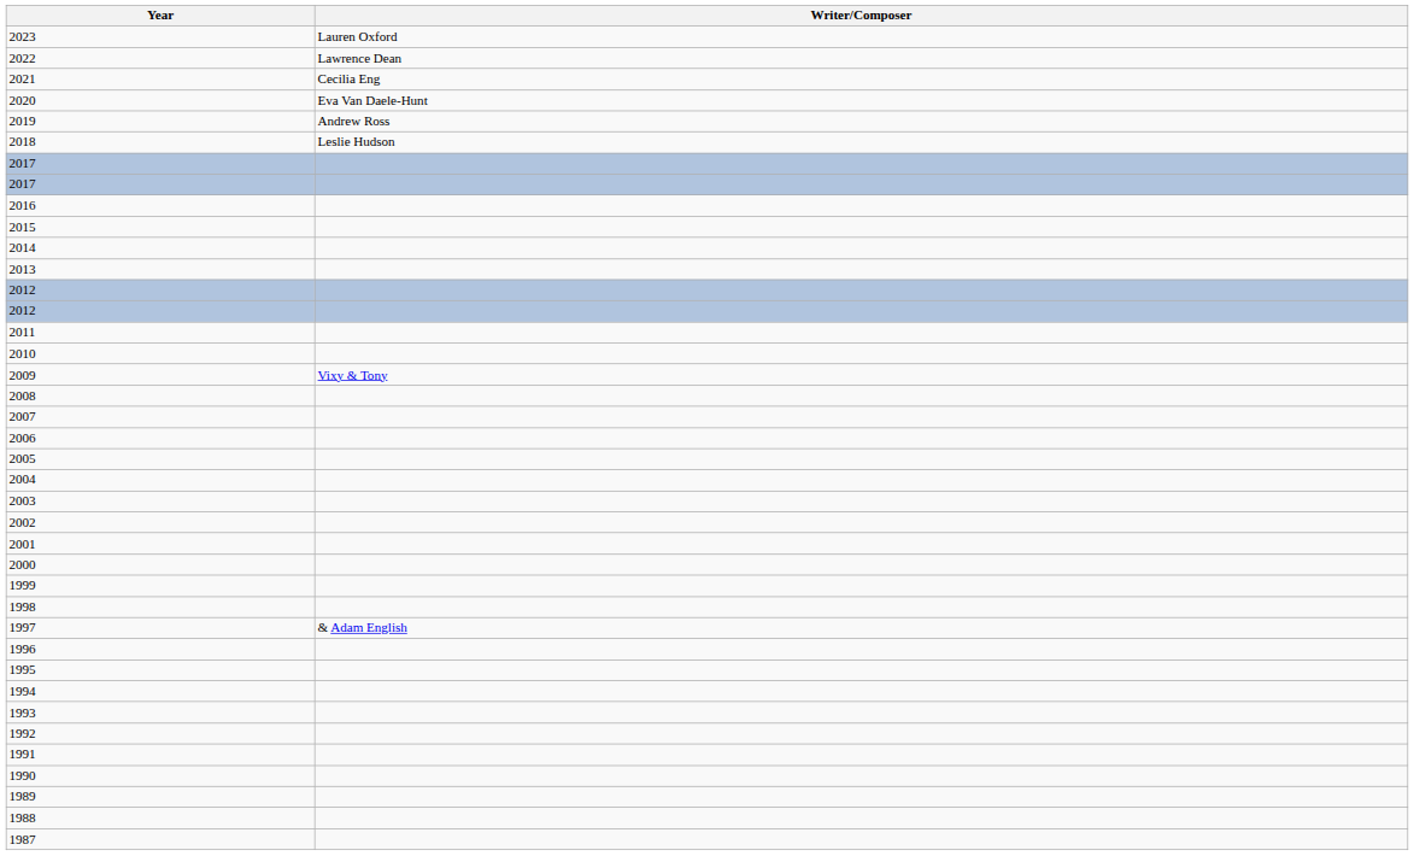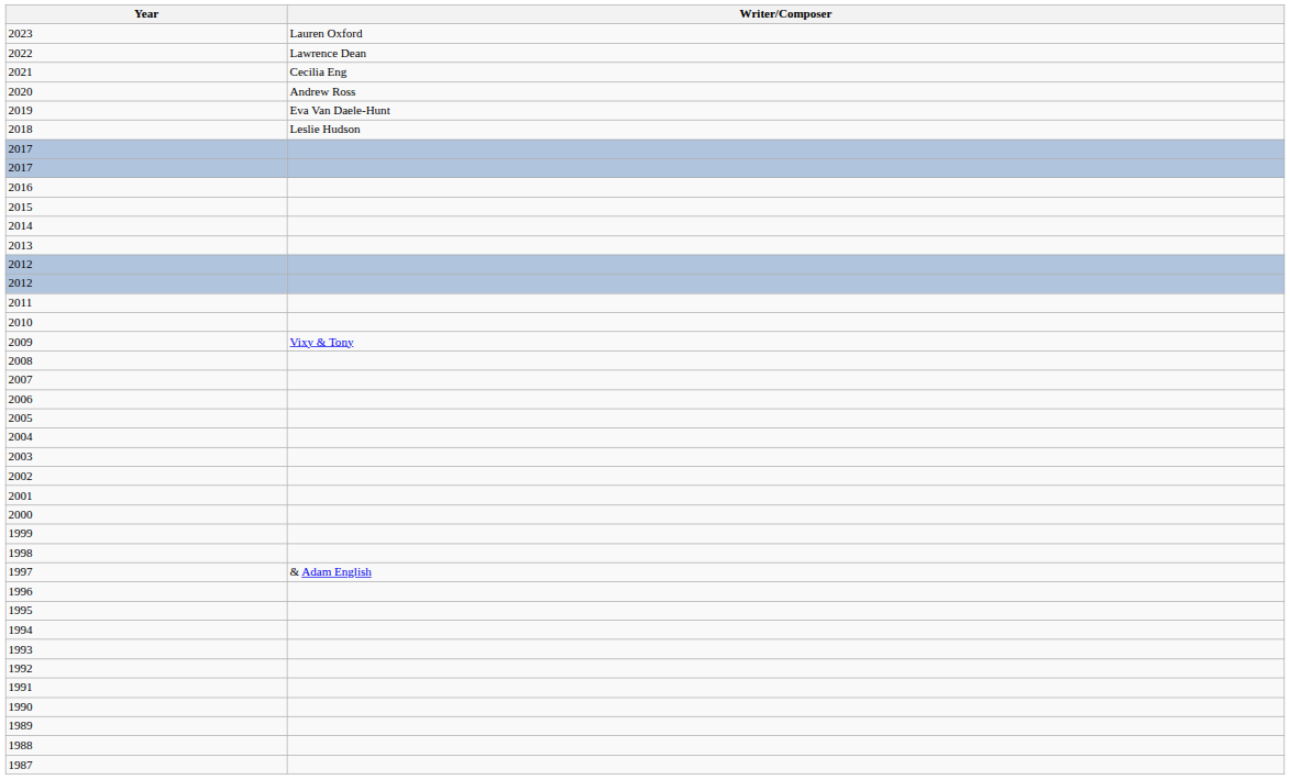 <table class="sortable wikitable" width="85%" cellpadding="5" style="margin: 1em auto 1em auto">
 <tr>
 <th>Year</th>
 <th>Writer/Composer</th>
 </tr>
 <tr>
 <td>2023</td>
 <td>Lauren Oxford </td>
 </tr>
 <tr>
 <td>2022</td>
 <td>Lawrence Dean </td>
 </tr>
 <tr>
 <td>2021</td>
 <td>Cecilia Eng </td>
 </tr>
 <tr>
 <td>2020</td>
-<td>Eva Van Daele-Hunt </td>
+<td>Andrew Ross </td>
 </tr>
 <tr>
 <td>2019</td>
-<td>Andrew Ross </td>
+<td>Eva Van Daele-Hunt </td>
 </tr>
 <tr>
 <td>2018</td>
 <td>Leslie Hudson </td>
 </tr>
 <tr style="background:#B0C4DE;">
 <td>2017</td>
 <td> </td>
 </tr>
 <tr style="background:#B0C4DE;">
 <td>2017</td>
 <td> </td>
 </tr>
 <tr>
 <td>2016</td>
 <td> </td>
 </tr>
 <tr>
 <td>2015</td>
 <td> </td>
 </tr>
 <tr>
 <td>2014</td>
 <td> </td>
 </tr>
 <tr>
 <td>2013</td>
 <td></td>
 </tr>
 <tr style="background:#B0C4DE;">
 <td>2012</td>
 <td></td>
 </tr>
 <tr style="background:#B0C4DE;">
 <td>2012</td>
 <td></td>
 </tr>
 <tr>
 <td>2011</td>
 <td></td>
 </tr>
 <tr>
 <td>2010</td>
 <td></td>
 </tr>
 <tr>
 <td>2009</td>
 <td><a href='#'>Vixy & Tony</a></td>
 </tr>
 <tr>
 <td>2008</td>
 <td></td>
 </tr>
 <tr>
 <td>2007</td>
 <td></td>
 </tr>
 <tr>
 <td>2006</td>
 <td></td>
 </tr>
 <tr>
 <td>2005</td>
 <td></td>
 </tr>
 <tr>
 <td>2004</td>
 <td></td>
 </tr>
 <tr>
 <td>2003</td>
 <td></td>
 </tr>
 <tr>
 <td>2002</td>
 <td></td>
 </tr>
 <tr>
 <td>2001</td>
 <td></td>
 </tr>
 <tr>
 <td>2000</td>
 <td></td>
 </tr>
 <tr>
 <td>1999</td>
 <td></td>
 </tr>
 <tr>
 <td>1998</td>
 <td></td>
 </tr>
 <tr>
 <td>1997</td>
 <td> & <a href='#'>Adam English</a></td>
 </tr>
 <tr>
 <td>1996</td>
 <td></td>
 </tr>
 <tr>
 <td>1995</td>
 <td></td>
 </tr>
 <tr>
 <td>1994</td>
 <td></td>
 </tr>
 <tr>
 <td>1993</td>
 <td></td>
 </tr>
 <tr>
 <td>1992</td>
 <td></td>
 </tr>
 <tr>
 <td>1991</td>
 <td></td>
 </tr>
 <tr>
 <td>1990</td>
 <td></td>
 </tr>
 <tr>
 <td>1989</td>
 <td></td>
 </tr>
 <tr>
 <td>1988</td>
 <td></td>
 </tr>
 <tr>
 <td>1987</td>
 <td></td>
 </tr>
 </table>
